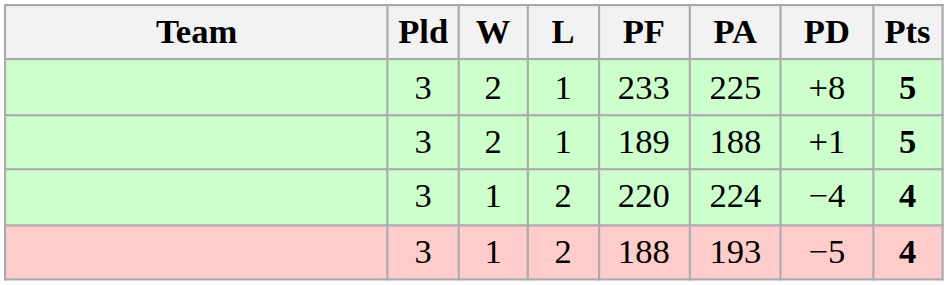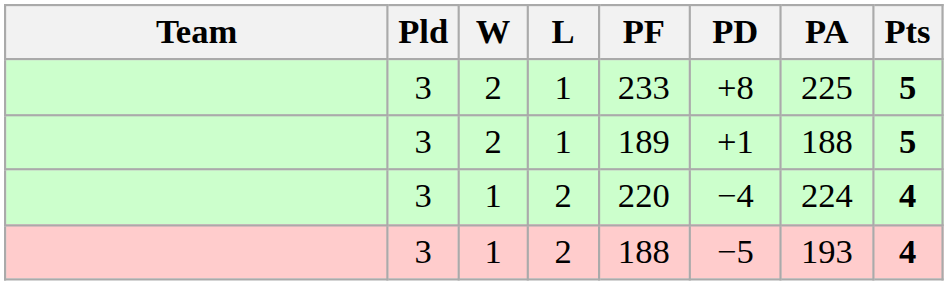 <table class="wikitable" style="text-align:center;">
 <tr>
 <th width=170>Team</th>
 <th width=25>Pld</th>
 <th width=25>W</th>
 <th width=25>L</th>
 <th width=35>PF</th>
+<th width=35>PD</th>
 <th width=35>PA</th>
-<th width=35>PD</th>
 <th width=25>Pts</th>
 </tr>
 <tr bgcolor=ccffcc>
 <td align="left"></td>
 <td>3</td>
 <td>2</td>
 <td>1</td>
 <td>233</td>
+<td>+8</td>
 <td>225</td>
-<td>+8</td>
 <td><strong>5</strong></td>
 </tr>
 <tr bgcolor=ccffcc>
 <td align="left"></td>
 <td>3</td>
 <td>2</td>
 <td>1</td>
 <td>189</td>
+<td>+1</td>
 <td>188</td>
-<td>+1</td>
 <td><strong>5</strong></td>
 </tr>
 <tr bgcolor=ccffcc>
 <td align="left"></td>
 <td>3</td>
 <td>1</td>
 <td>2</td>
 <td>220</td>
+<td>−4</td>
 <td>224</td>
-<td>−4</td>
 <td><strong>4</strong></td>
 </tr>
 <tr bgcolor=ffcccc>
 <td align="left"></td>
 <td>3</td>
 <td>1</td>
 <td>2</td>
 <td>188</td>
+<td>−5</td>
 <td>193</td>
-<td>−5</td>
 <td><strong>4</strong></td>
 </tr>
 </table>
